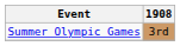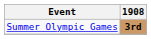 <table class="wikitable">
 <tr>
 <th>Event</th>
 <th>1908</th>
 </tr>
 <tr>
 <td><a href='#'>Summer Olympic Games</a></td>
-<td align="center" bgcolor="cc9966">3rd</td>
+<td align="center" bgcolor="cc9966"><strong>3rd</strong></td>
 </tr>
 <tr>
 </tr>
 </table>
